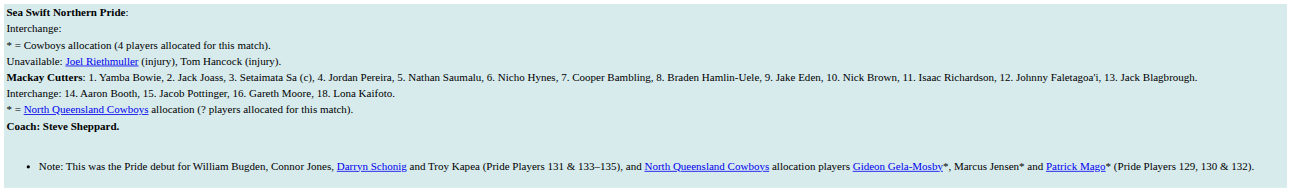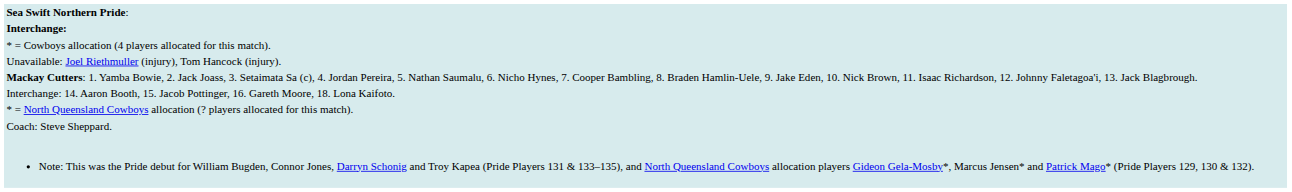 <table style="background:#d7ebed; font-size:85%; width:100%;">
 <tr>
 <td><strong>Sea Swift Northern Pride</strong>:             </td>
 </tr>
 <tr>
-<td>Interchange:    </td>
+<td><strong>Interchange:    </strong></td>
 </tr>
 <tr>
 <td>* = Cowboys allocation (4 players allocated for this match).</td>
 </tr>
 <tr>
 <td>Unavailable: <a href='#'>Joel Riethmuller</a> (injury), Tom Hancock (injury).</td>
 </tr>
 <tr>
 <td><strong>Mackay Cutters</strong>: 1. Yamba Bowie, 2. Jack Joass, 3. Setaimata Sa (c), 4. Jordan Pereira, 5. Nathan Saumalu, 6. Nicho Hynes, 7. Cooper Bambling, 8. Braden Hamlin-Uele, 9. Jake Eden, 10. Nick Brown, 11. Isaac Richardson, 12. Johnny Faletagoa'i, 13. Jack Blagbrough.</td>
 </tr>
 <tr>
 <td>Interchange: 14. Aaron Booth, 15. Jacob Pottinger, 16. Gareth Moore, 18. Lona Kaifoto.</td>
 </tr>
 <tr>
 <td>* = <a href='#'>North Queensland Cowboys</a> allocation (? players allocated for this match).</td>
 </tr>
 <tr>
-<td><strong>Coach: Steve Sheppard.</strong></td>
+<td>Coach: Steve Sheppard.</td>
 </tr>
 <tr>
 <td><br><ul><li>Note: This was the Pride debut for William Bugden, Connor Jones, <a href='#'>Darryn Schonig</a> and Troy Kapea (Pride Players 131 & 133–135), and <a href='#'>North Queensland Cowboys</a> allocation players <a href='#'>Gideon Gela-Mosby</a>*, Marcus Jensen* and <a href='#'>Patrick Mago</a>* (Pride Players 129, 130 & 132).</li></ul></td>
 </tr>
 <tr>
 </tr>
 </table>
